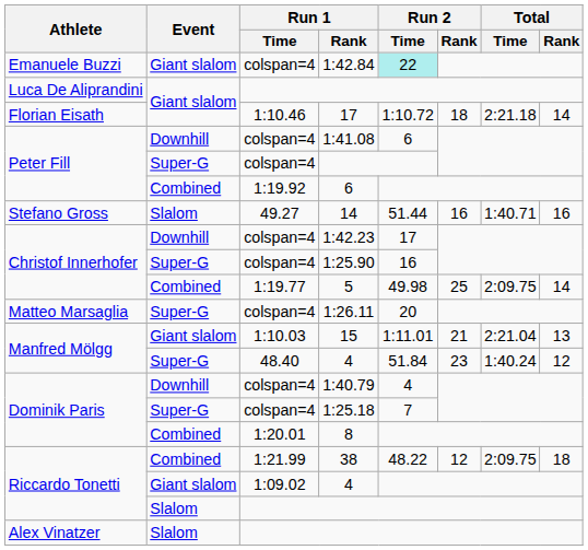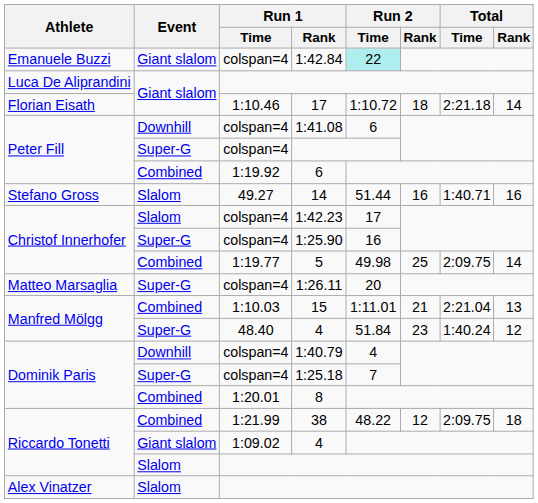 <table class="wikitable" style="font-size:90%">
 <tr>
 <th rowspan=2>Athlete</th>
 <th rowspan=2>Event</th>
 <th colspan=2>Run 1</th>
 <th colspan=2>Run 2</th>
 <th colspan=2>Total</th>
 </tr>
 <tr style="font-size:95%">
 <th>Time</th>
 <th>Rank</th>
 <th>Time</th>
 <th>Rank</th>
 <th>Time</th>
 <th>Rank</th>
 </tr>
 <tr align=center>
 <td align=left><a href='#'>Emanuele Buzzi</a></td>
 <td align=left><a href='#'>Giant slalom</a></td>
 <td>colspan=4 </td>
 <td>1:42.84</td>
 <td style="background: paleturquoise;">22</td>
 </tr>
 <tr align=center>
 <td align=left><a href='#'>Luca De Aliprandini</a></td>
 <td align=left rowspan=2><a href='#'>Giant slalom</a></td>
 <td colspan=6></td>
 </tr>
 <tr align=center>
 <td align=left><a href='#'>Florian Eisath</a></td>
 <td>1:10.46</td>
 <td>17</td>
 <td>1:10.72</td>
 <td>18</td>
 <td>2:21.18</td>
 <td>14</td>
 </tr>
 <tr align=center>
 <td align=left rowspan=3><a href='#'>Peter Fill</a></td>
 <td align=left><a href='#'>Downhill</a></td>
 <td>colspan=4 </td>
 <td>1:41.08</td>
 <td>6</td>
 </tr>
 <tr align=center>
 <td align=left><a href='#'>Super-G</a></td>
 <td>colspan=4 </td>
 <td colspan=2></td>
 </tr>
 <tr align=center>
 <td align=left><a href='#'>Combined</a></td>
 <td>1:19.92</td>
 <td>6</td>
 <td colspan=4></td>
 </tr>
 <tr align=center>
 <td align=left><a href='#'>Stefano Gross</a></td>
 <td align=left><a href='#'>Slalom</a></td>
 <td>49.27</td>
 <td>14</td>
 <td>51.44</td>
 <td>16</td>
 <td>1:40.71</td>
 <td>16</td>
 </tr>
 <tr align=center>
 <td align=left rowspan=3><a href='#'>Christof Innerhofer</a></td>
-<td align=left><a href='#'>Downhill</a></td>
+<td align=left><a href='#'>Slalom</a></td>
 <td>colspan=4 </td>
 <td>1:42.23</td>
 <td>17</td>
 </tr>
 <tr align=center>
 <td align=left><a href='#'>Super-G</a></td>
 <td>colspan=4 </td>
 <td>1:25.90</td>
 <td>16</td>
 </tr>
 <tr align=center>
 <td align=left><a href='#'>Combined</a></td>
 <td>1:19.77</td>
 <td>5</td>
 <td>49.98</td>
 <td>25</td>
 <td>2:09.75</td>
 <td>14</td>
 </tr>
 <tr align=center>
 <td align=left><a href='#'>Matteo Marsaglia</a></td>
 <td align=left><a href='#'>Super-G</a></td>
 <td>colspan=4 </td>
 <td>1:26.11</td>
 <td>20</td>
 </tr>
 <tr align=center>
 <td align=left rowspan=2><a href='#'>Manfred Mölgg</a></td>
-<td align=left><a href='#'>Giant slalom</a></td>
+<td align=left><a href='#'>Combined</a></td>
 <td>1:10.03</td>
 <td>15</td>
 <td>1:11.01</td>
 <td>21</td>
 <td>2:21.04</td>
 <td>13</td>
 </tr>
 <tr align=center>
 <td align=left><a href='#'>Super-G</a></td>
 <td>48.40</td>
 <td>4</td>
 <td>51.84</td>
 <td>23</td>
 <td>1:40.24</td>
 <td>12</td>
 </tr>
 <tr align=center>
 <td align=left rowspan=3><a href='#'>Dominik Paris</a></td>
 <td align=left><a href='#'>Downhill</a></td>
 <td>colspan=4 </td>
 <td>1:40.79</td>
 <td>4</td>
 </tr>
 <tr align=center>
 <td align=left><a href='#'>Super-G</a></td>
 <td>colspan=4 </td>
 <td>1:25.18</td>
 <td>7</td>
 </tr>
 <tr align=center>
 <td align=left><a href='#'>Combined</a></td>
 <td>1:20.01</td>
 <td>8</td>
 <td colspan=4></td>
 </tr>
 <tr align=center>
 <td align=left rowspan=3><a href='#'>Riccardo Tonetti</a></td>
 <td align=left><a href='#'>Combined</a></td>
 <td>1:21.99</td>
 <td>38</td>
 <td>48.22</td>
 <td>12</td>
 <td>2:09.75</td>
 <td>18</td>
 </tr>
 <tr align=center>
 <td align=left><a href='#'>Giant slalom</a></td>
 <td>1:09.02</td>
 <td>4</td>
 <td colspan=4></td>
 </tr>
 <tr align=center>
 <td align=left><a href='#'>Slalom</a></td>
 <td colspan=6></td>
 </tr>
 <tr align=center>
 <td align=left><a href='#'>Alex Vinatzer</a></td>
 <td align=left><a href='#'>Slalom</a></td>
 <td colspan=6></td>
 </tr>
 </table>
